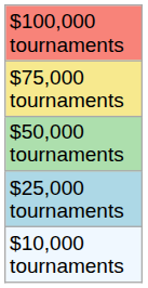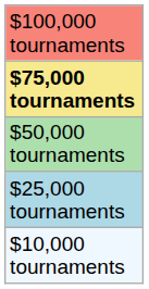 <table class="wikitable" style="font-size:90%;" width=11%>
 <tr style="background:#f88379;">
 <td>$100,000 tournaments</td>
 </tr>
 <tr style="background:#f7e98e;">
-<td>$75,000 tournaments</td>
+<td><strong>$75,000 tournaments</strong></td>
 </tr>
 <tr style="background:#addfad;">
 <td>$50,000 tournaments</td>
 </tr>
 <tr style="background:lightblue;">
 <td>$25,000 tournaments</td>
 </tr>
 <tr style="background:#f0f8ff;">
 <td>$10,000 tournaments</td>
 </tr>
 </table>
